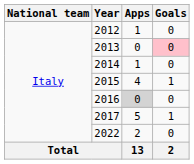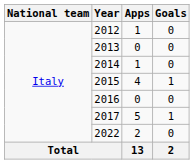 <table class="wikitable" style="text-align:center">
 <tr>
 <th>National team</th>
 <th>Year</th>
 <th>Apps</th>
 <th>Goals</th>
 </tr>
 <tr>
 <td rowspan="7"><a href='#'>Italy</a></td>
 <td>2012</td>
 <td>1</td>
 <td>0</td>
 </tr>
 <tr>
 <td>2013</td>
 <td>0</td>
-<td style="background: pink;">0</td>
+<td>0</td>
 </tr>
 <tr>
 <td>2014</td>
 <td>1</td>
 <td>0</td>
 </tr>
 <tr>
 <td>2015</td>
 <td>4</td>
 <td>1</td>
 </tr>
 <tr>
 <td>2016</td>
-<td style="background: lightgrey;">0</td>
+<td>0</td>
 <td>0</td>
 </tr>
 <tr>
 <td>2017</td>
 <td>5</td>
 <td>1</td>
 </tr>
 <tr>
 <td>2022</td>
 <td>2</td>
 <td>0</td>
 </tr>
 <tr>
 <th colspan="2">Total</th>
 <th>13</th>
 <th>2</th>
 </tr>
 </table>
